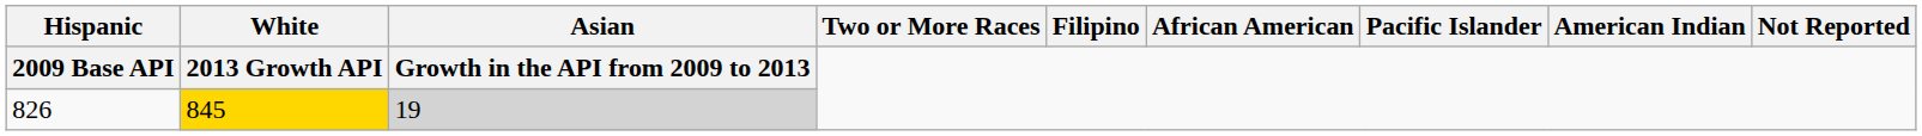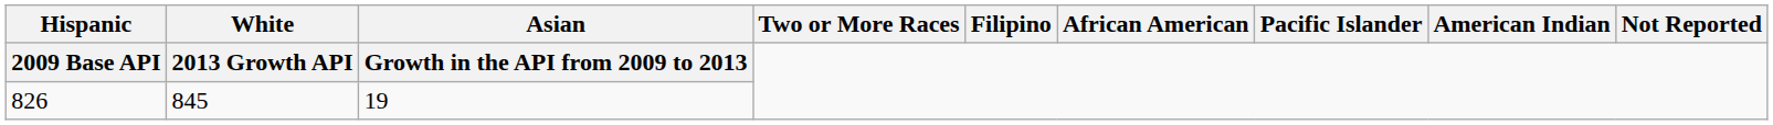 <table class="wikitable" style="margin-left:50px" style="text-align:center">
 <tr>
 <th>Hispanic</th>
 <th>White</th>
 <th>Asian</th>
 <th>Two or More Races</th>
 <th>Filipino</th>
 <th>African American</th>
 <th>Pacific Islander</th>
 <th>American Indian</th>
 <th>Not Reported</th>
 </tr>
 <tr>
 <th>2009 Base API</th>
 <th>2013 Growth API</th>
 <th>Growth in the API from 2009 to 2013</th>
 </tr>
 <tr>
 <td>826</td>
-<td style="background: gold;">845</td>
-<td style="background: lightgrey;">19</td>
+<td>845</td>
+<td>19</td>
 </tr>
 </table>
